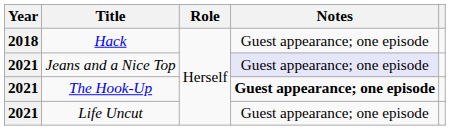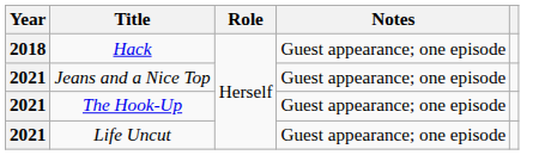 <table class="wikitable plainrowheaders" style="text-align:center">
 <tr>
 <th scope="col">Year</th>
 <th scope="col">Title</th>
 <th scope="col">Role</th>
 <th scope="col">Notes</th>
 <th scope="col"></th>
 </tr>
 <tr>
 <th scope="row">2018</th>
 <td><em><a href='#'>Hack</a></em></td>
 <td rowspan="4">Herself</td>
 <td>Guest appearance; one episode</td>
 <td></td>
 </tr>
 <tr>
 <th scope="row">2021</th>
 <td><em>Jeans and a Nice Top</em></td>
-<td style="background: lavender;">Guest appearance; one episode</td>
+<td>Guest appearance; one episode</td>
 <td></td>
 </tr>
 <tr>
 <th scope="row">2021</th>
 <td><em><a href='#'>The Hook-Up</a></em></td>
-<td><strong>Guest appearance; one episode</strong></td>
+<td>Guest appearance; one episode</td>
 <td></td>
 </tr>
 <tr>
 <th scope="row">2021</th>
 <td><em>Life Uncut</em></td>
 <td>Guest appearance; one episode</td>
 <td></td>
 </tr>
 </table>
